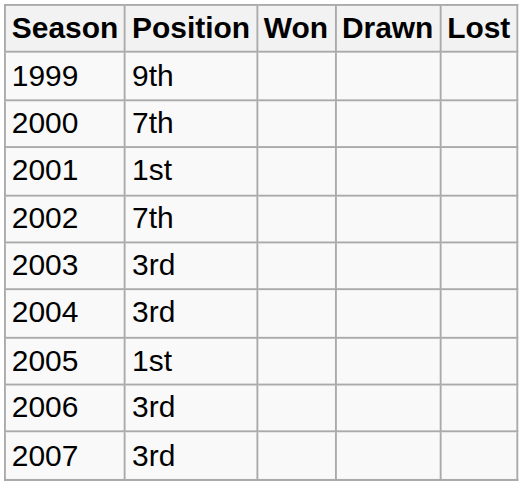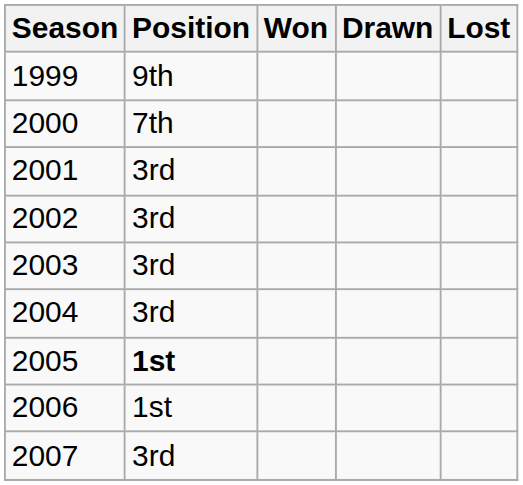 <table class="wikitable collapsible">
 <tr>
 <th>Season</th>
 <th>Position</th>
 <th>Won</th>
 <th>Drawn</th>
 <th>Lost</th>
 </tr>
 <tr>
 <td>1999</td>
 <td>9th</td>
 <td></td>
 <td></td>
 <td></td>
 </tr>
 <tr>
 <td>2000</td>
 <td>7th</td>
 <td></td>
 <td></td>
 <td></td>
 </tr>
 <tr>
 <td>2001</td>
-<td>1st</td>
+<td>3rd</td>
 <td></td>
 <td></td>
 <td></td>
 </tr>
 <tr>
 <td>2002</td>
-<td>7th</td>
+<td>3rd</td>
 <td></td>
 <td></td>
 <td></td>
 </tr>
 <tr>
 <td>2003</td>
 <td>3rd</td>
 <td></td>
 <td></td>
 <td></td>
 </tr>
 <tr>
 <td>2004</td>
 <td>3rd</td>
 <td></td>
 <td></td>
 <td></td>
 </tr>
 <tr style="background-color:#">
 <td>2005</td>
-<td>1st</td>
+<td><strong>1st</strong></td>
 <td></td>
 <td></td>
 <td></td>
 </tr>
 <tr style="background-color:#">
 <td>2006</td>
-<td>3rd</td>
+<td>1st</td>
 <td></td>
 <td></td>
 <td></td>
 </tr>
 <tr>
 <td>2007</td>
 <td>3rd</td>
 <td></td>
 <td></td>
 <td></td>
 </tr>
 <tr>
 </tr>
 </table>
